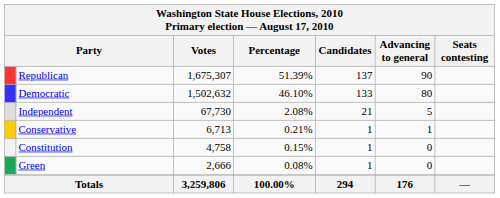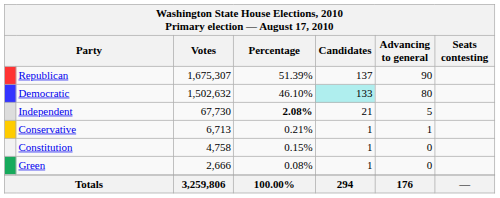 <table class="wikitable" style="font-size: 95%;">
 <tr>
 <th colspan="7">Washington State House Elections, 2010<br>Primary election — August 17, 2010</th>
 </tr>
 <tr>
 <th colspan="2" style="width: 15em">Party</th>
 <th style="width: 5em">Votes</th>
 <th style="width: 7em">Percentage</th>
 <th style="width: 5em">Candidates</th>
 <th style="width: 5em">Advancing to general</th>
 <th style="width: 5em">Seats contesting</th>
 </tr>
 <tr>
 <th style="background-color:#F33; width: 3px"></th>
 <td style="width: 130px"><a href='#'>Republican</a></td>
 <td align="right">1,675,307</td>
 <td align="right">51.39%</td>
 <td align="right">137</td>
 <td align="right">90</td>
 <td align="right"></td>
 </tr>
 <tr>
 <th style="background-color:#33F; width: 3px"></th>
 <td style="width: 130px"><a href='#'>Democratic</a></td>
 <td align="right">1,502,632</td>
 <td align="right">46.10%</td>
-<td align="right">133</td>
+<td align="right" style="background: paleturquoise;">133</td>
 <td align="right">80</td>
 <td align="right"></td>
 </tr>
 <tr>
 <th style="background-color:#DDDDDD; width: 3px"></th>
 <td style="width: 130px"><a href='#'>Independent</a></td>
 <td align="right">67,730</td>
-<td align="right">2.08%</td>
+<td align="right"><strong>2.08%</strong></td>
 <td align="right">21</td>
 <td align="right">5</td>
 <td align="right"></td>
 </tr>
 <tr>
 <th style="background-color:#FC0; width: 3px"></th>
 <td style="width: 130px"><a href='#'>Conservative</a></td>
 <td align="right">6,713</td>
 <td align="right">0.21%</td>
 <td align="right">1</td>
 <td align="right">1</td>
 <td align="right"></td>
 </tr>
 <tr>
 <th style="background-color:"></th>
 <td style="width: 130px"><a href='#'>Constitution</a></td>
 <td align="right">4,758</td>
 <td align="right">0.15%</td>
 <td align="right">1</td>
 <td align="right">0</td>
 <td align="right"></td>
 </tr>
 <tr>
 <th style="background-color:#17AA5C ; width: 3px"></th>
 <td style="width: 130px"><a href='#'>Green</a></td>
 <td align="right">2,666</td>
 <td align="right">0.08%</td>
 <td align="right">1</td>
 <td align="right">0</td>
 <td align="right"></td>
 </tr>
 <tr>
 </tr>
 <tr bgcolor="#EEEEEE">
 <th colspan="2" align="right">Totals</th>
 <th align="right">3,259,806</th>
 <th align="right">100.00%</th>
 <th align="right">294</th>
 <th align="right">176</th>
 <th align="right">—</th>
 </tr>
 </table>
